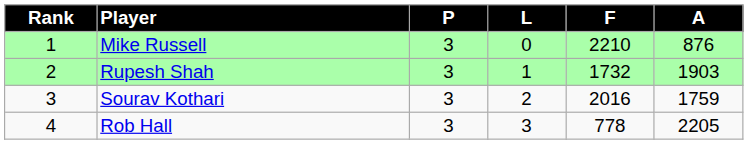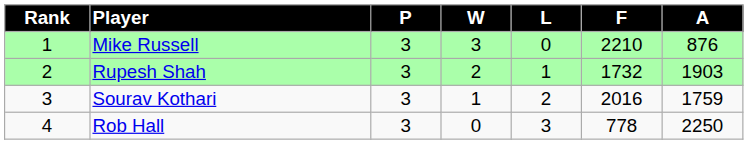 <table border="2" cellpadding="2" cellspacing="0" style="margin: 0; background: #f9f9f9; border: 1px #aaa solid; border-collapse: collapse; font-size: 100%;" width=50%>
 <tr>
 <th bgcolor="000000" style="color:white; text-align:center" width=5%>Rank</th>
 <th bgcolor="000000" style="color:white; text-align:left" width=20%>Player</th>
 <th bgcolor="000000" style="color:white; text-align:center" width=5%>P</th>
+<th bgcolor="000000" style="color:white; text-align:center" width=5%>W</th>
 <th bgcolor="000000" style="color:white; text-align:center" width=5%>L</th>
 <th bgcolor="000000" style="color:white; text-align:center" width=5%>F</th>
 <th bgcolor="000000" style="color:white; text-align:center" width=5%>A</th>
 </tr>
 <tr>
 <td style="text-align:center; background:#aaffaa">1</td>
 <td style="text-align:left; background:#aaffaa"> <a href='#'>Mike Russell</a></td>
+<td style="text-align:center; background:#aaffaa">3</td>
 <td style="text-align:center; background:#aaffaa">3</td>
 <td style="text-align:center; background:#aaffaa">0</td>
 <td style="text-align:center; background:#aaffaa">2210</td>
 <td style="text-align:center; background:#aaffaa">876</td>
 </tr>
 <tr>
 <td style="text-align:center; background:#aaffaa">2</td>
 <td style="text-align:left; background:#aaffaa"> <a href='#'>Rupesh Shah</a></td>
 <td style="text-align:center; background:#aaffaa">3</td>
+<td style="text-align:center; background:#aaffaa">2</td>
 <td style="text-align:center; background:#aaffaa">1</td>
 <td style="text-align:center; background:#aaffaa">1732</td>
 <td style="text-align:center; background:#aaffaa">1903</td>
 </tr>
 <tr>
 <td style="text-align:center">3</td>
 <td style="text-align:left;"> <a href='#'>Sourav Kothari</a></td>
 <td style="text-align:center;">3</td>
+<td style="text-align:center;">1</td>
 <td style="text-align:center;">2</td>
 <td style="text-align:center;">2016</td>
 <td style="text-align:center;">1759</td>
 </tr>
 <tr>
 <td style="text-align:center">4</td>
 <td style="text-align:left;"> <a href='#'>Rob Hall</a></td>
 <td style="text-align:center;">3</td>
+<td style="text-align:center;">0</td>
 <td style="text-align:center;">3</td>
 <td style="text-align:center;">778</td>
-<td style="text-align:center;">2205</td>
+<td style="text-align:center;">2250</td>
 </tr>
 </table>
